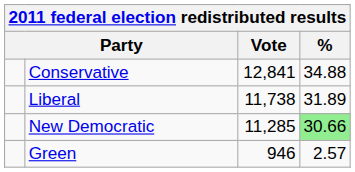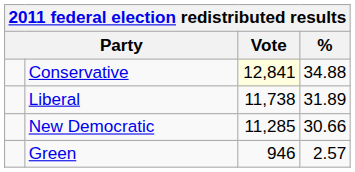 <table class="wikitable">
 <tr>
 <th colspan="4"><a href='#'>2011 federal election</a> redistributed results</th>
 </tr>
 <tr>
 <th bgcolor="#DDDDFF" width="130px" colspan="2">Party</th>
 <th bgcolor="#DDDDFF" width="50px">Vote</th>
 <th bgcolor="#DDDDFF" width="30px">%</th>
 </tr>
 <tr>
 <td> </td>
 <td><a href='#'>Conservative</a></td>
-<td align=right>12,841</td>
+<td align=right style="background: lightyellow;">12,841</td>
 <td align=right>34.88</td>
 </tr>
 <tr>
 <td> </td>
 <td><a href='#'>Liberal</a></td>
 <td align=right>11,738</td>
 <td align=right>31.89</td>
 </tr>
 <tr>
 <td> </td>
 <td><a href='#'>New Democratic</a></td>
 <td align=right>11,285</td>
-<td align=right style="background: lightgreen;">30.66</td>
+<td align=right>30.66</td>
 </tr>
 <tr>
 <td> </td>
 <td><a href='#'>Green</a></td>
 <td align=right>946</td>
 <td align=right>2.57</td>
 </tr>
 </table>
